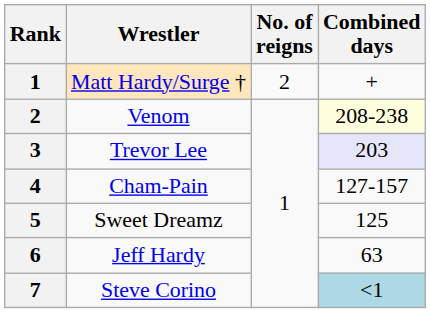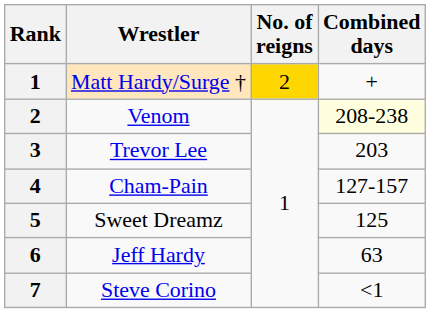 <table class="wikitable sortable" style="text-align: center">
 <tr>
 <th>Rank</th>
 <th>Wrestler</th>
 <th>No. of<br>reigns</th>
 <th>Combined<br>days</th>
 </tr>
 <tr>
 <th>1</th>
 <td style="background:#ffe6bd;"><a href='#'>Matt Hardy/Surge</a> †</td>
-<td>2</td>
+<td style="background: gold;">2</td>
 <td>+</td>
 </tr>
 <tr>
 <th>2</th>
 <td><a href='#'>Venom</a></td>
 <td rowspan=6>1</td>
 <td style="background: lightyellow;">208-238</td>
 </tr>
 <tr>
 <th>3</th>
 <td><a href='#'>Trevor Lee</a></td>
-<td style="background: lavender;">203</td>
+<td>203</td>
 </tr>
 <tr>
 <th>4</th>
 <td><a href='#'>Cham-Pain</a></td>
 <td>127-157</td>
 </tr>
 <tr>
 <th>5</th>
 <td>Sweet Dreamz</td>
 <td>125</td>
 </tr>
 <tr>
 <th>6</th>
 <td><a href='#'>Jeff Hardy</a></td>
 <td>63</td>
 </tr>
 <tr>
 <th>7</th>
 <td><a href='#'>Steve Corino</a></td>
-<td style="background: lightblue;"><1</td>
+<td><1</td>
 </tr>
 </table>
